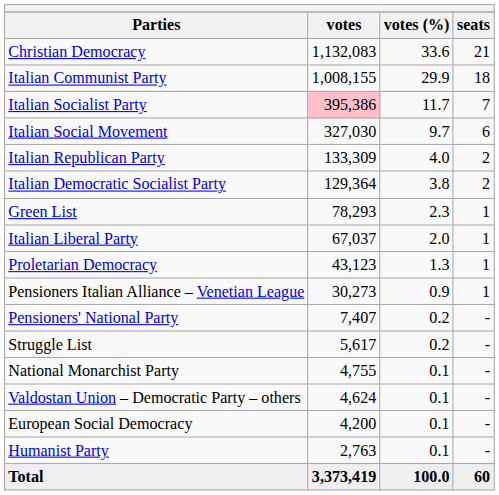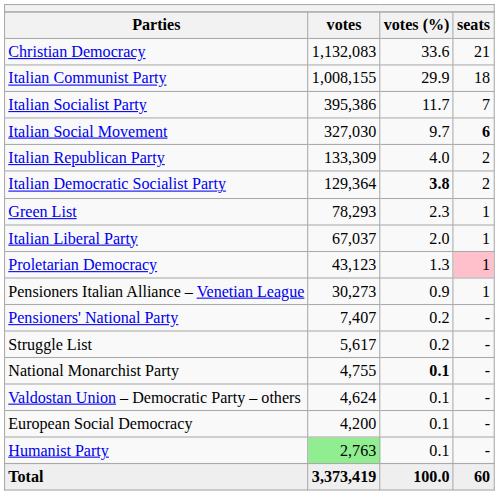 <table class="wikitable" style="font-size:95%">
 <tr>
 <th colspan=4></th>
 </tr>
 <tr>
 </tr>
 <tr bgcolor="EFEFEF">
 <th>Parties</th>
 <th>votes</th>
 <th>votes (%)</th>
 <th>seats</th>
 </tr>
 <tr>
 <td><a href='#'>Christian Democracy</a></td>
 <td align=right>1,132,083</td>
 <td align=right>33.6</td>
 <td align=right>21</td>
 </tr>
 <tr>
 <td><a href='#'>Italian Communist Party</a></td>
 <td align=right>1,008,155</td>
 <td align=right>29.9</td>
 <td align=right>18</td>
 </tr>
 <tr>
 <td><a href='#'>Italian Socialist Party</a></td>
-<td align=right style="background: pink;">395,386</td>
+<td align=right>395,386</td>
 <td align=right>11.7</td>
 <td align=right>7</td>
 </tr>
 <tr>
 <td><a href='#'>Italian Social Movement</a></td>
 <td align=right>327,030</td>
 <td align=right>9.7</td>
-<td align=right>6</td>
+<td align=right><strong>6</strong></td>
 </tr>
 <tr>
 <td><a href='#'>Italian Republican Party</a></td>
 <td align=right>133,309</td>
 <td align=right>4.0</td>
 <td align=right>2</td>
 </tr>
 <tr>
 <td><a href='#'>Italian Democratic Socialist Party</a></td>
 <td align=right>129,364</td>
-<td align=right>3.8</td>
+<td align=right><strong>3.8</strong></td>
 <td align=right>2</td>
 </tr>
 <tr>
 <td><a href='#'>Green List</a></td>
 <td align=right>78,293</td>
 <td align=right>2.3</td>
 <td align=right>1</td>
 </tr>
 <tr>
 <td><a href='#'>Italian Liberal Party</a></td>
 <td align=right>67,037</td>
 <td align=right>2.0</td>
 <td align=right>1</td>
 </tr>
 <tr>
 <td><a href='#'>Proletarian Democracy</a></td>
 <td align=right>43,123</td>
 <td align=right>1.3</td>
-<td align=right>1</td>
+<td align=right style="background: pink;">1</td>
 </tr>
 <tr>
 <td>Pensioners Italian Alliance – <a href='#'>Venetian League</a></td>
 <td align=right>30,273</td>
 <td align=right>0.9</td>
 <td align=right>1</td>
 </tr>
 <tr>
 <td><a href='#'>Pensioners' National Party</a></td>
 <td align=right>7,407</td>
 <td align=right>0.2</td>
 <td align=right>-</td>
 </tr>
 <tr>
 <td>Struggle List</td>
 <td align=right>5,617</td>
 <td align=right>0.2</td>
 <td align=right>-</td>
 </tr>
 <tr>
 <td>National Monarchist Party</td>
 <td align=right>4,755</td>
-<td align=right>0.1</td>
+<td align=right><strong>0.1</strong></td>
 <td align=right>-</td>
 </tr>
 <tr>
 <td><a href='#'>Valdostan Union</a> – Democratic Party – others</td>
 <td align=right>4,624</td>
 <td align=right>0.1</td>
 <td align=right>-</td>
 </tr>
 <tr>
 <td>European Social Democracy</td>
 <td align=right>4,200</td>
 <td align=right>0.1</td>
 <td align=right>-</td>
 </tr>
 <tr>
 <td><a href='#'>Humanist Party</a></td>
-<td align=right>2,763</td>
+<td align=right style="background: lightgreen;">2,763</td>
 <td align=right>0.1</td>
 <td align=right>-</td>
 </tr>
 <tr>
 </tr>
 <tr bgcolor="EFEFEF">
 <td><strong>Total</strong></td>
 <td align=right><strong>3,373,419</strong></td>
 <td align=right><strong>100.0</strong></td>
 <td align=right><strong>60</strong></td>
 </tr>
 </table>
